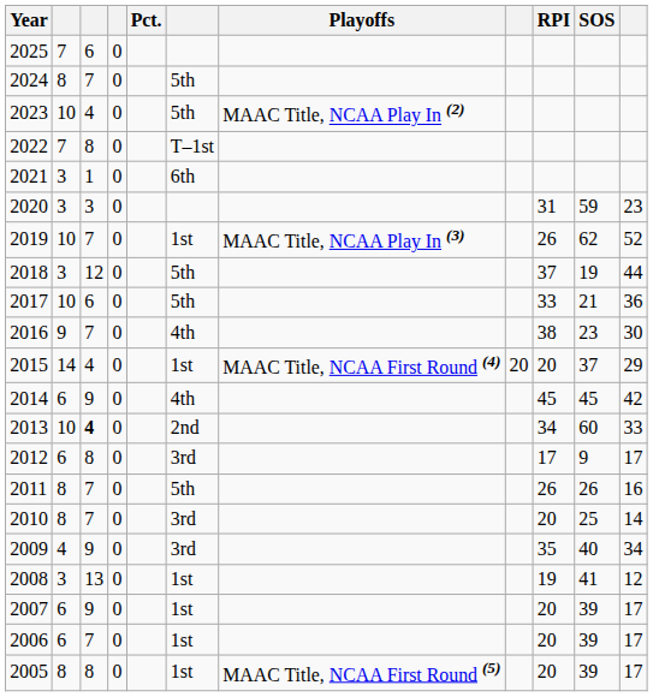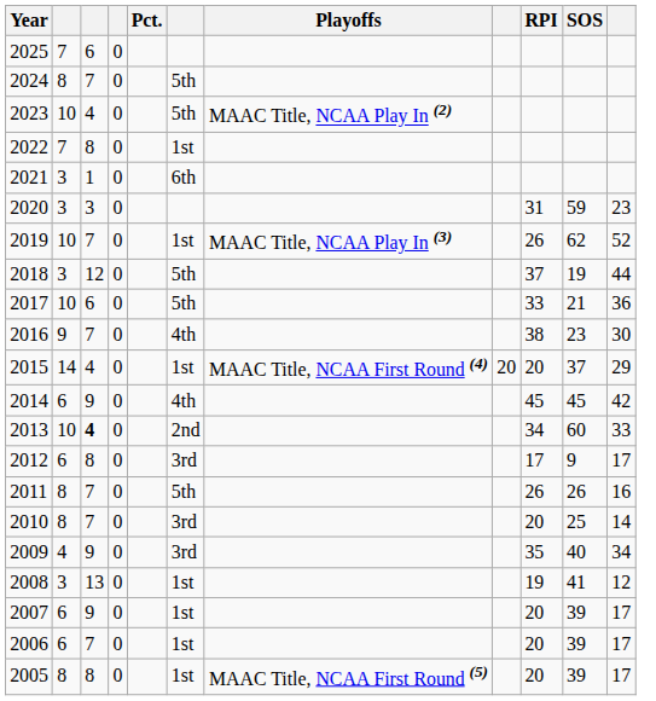 <table class="wikitable sortable">
 <tr>
 <th>Year</th>
 <th></th>
 <th></th>
 <th></th>
 <th>Pct.</th>
 <th></th>
 <th>Playoffs</th>
 <th></th>
 <th>RPI</th>
 <th>SOS</th>
 <th></th>
 </tr>
 <tr>
 <td>2025</td>
 <td>7</td>
 <td>6</td>
 <td>0</td>
 <td></td>
 <td></td>
 <td></td>
 <td></td>
 <td></td>
 <td></td>
 <td></td>
 </tr>
 <tr>
 <td>2024</td>
 <td>8</td>
 <td>7</td>
 <td>0</td>
 <td></td>
 <td>5th</td>
 <td></td>
 <td></td>
 <td></td>
 <td></td>
 <td></td>
 </tr>
 <tr>
 <td>2023</td>
 <td>10</td>
 <td>4</td>
 <td>0</td>
 <td></td>
 <td>5th</td>
 <td>MAAC Title, <a href='#'>NCAA Play In</a> <sup><strong><em>(2)</em></strong></sup></td>
 <td></td>
 <td></td>
 <td></td>
 <td></td>
 </tr>
 <tr>
 <td>2022</td>
 <td>7</td>
 <td>8</td>
 <td>0</td>
 <td></td>
-<td>T–1st</td>
+<td>1st</td>
 <td></td>
 <td></td>
 <td></td>
 <td></td>
 <td></td>
 </tr>
 <tr>
 <td>2021</td>
 <td>3</td>
 <td>1</td>
 <td>0</td>
 <td></td>
 <td>6th</td>
 <td></td>
 <td></td>
 <td></td>
 <td></td>
 <td></td>
 </tr>
 <tr>
 <td>2020</td>
 <td>3</td>
 <td>3</td>
 <td>0</td>
 <td></td>
 <td></td>
 <td></td>
 <td></td>
 <td>31</td>
 <td>59</td>
 <td>23</td>
 </tr>
 <tr>
 <td>2019</td>
 <td>10</td>
 <td>7</td>
 <td>0</td>
 <td></td>
 <td>1st</td>
 <td>MAAC Title, <a href='#'>NCAA Play In</a> <sup><strong><em>(3)</em></strong></sup></td>
 <td></td>
 <td>26</td>
 <td>62</td>
 <td>52</td>
 </tr>
 <tr>
 <td>2018</td>
 <td>3</td>
 <td>12</td>
 <td>0</td>
 <td></td>
 <td>5th</td>
 <td></td>
 <td></td>
 <td>37</td>
 <td>19</td>
 <td>44</td>
 </tr>
 <tr>
 <td>2017</td>
 <td>10</td>
 <td>6</td>
 <td>0</td>
 <td></td>
 <td>5th</td>
 <td></td>
 <td></td>
 <td>33</td>
 <td>21</td>
 <td>36</td>
 </tr>
 <tr>
 <td>2016</td>
 <td>9</td>
 <td>7</td>
 <td>0</td>
 <td></td>
 <td>4th</td>
 <td></td>
 <td></td>
 <td>38</td>
 <td>23</td>
 <td>30</td>
 </tr>
 <tr>
 <td>2015</td>
 <td>14</td>
 <td>4</td>
 <td>0</td>
 <td></td>
 <td>1st</td>
 <td>MAAC Title, <a href='#'>NCAA First Round</a> <sup><strong><em>(4)</em></strong></sup></td>
 <td>20</td>
 <td>20</td>
 <td>37</td>
 <td>29</td>
 </tr>
 <tr>
 <td>2014</td>
 <td>6</td>
 <td>9</td>
 <td>0</td>
 <td></td>
 <td>4th</td>
 <td></td>
 <td></td>
 <td>45</td>
 <td>45</td>
 <td>42</td>
 </tr>
 <tr>
 <td>2013</td>
 <td>10</td>
 <td><strong>4</strong></td>
 <td>0</td>
 <td></td>
 <td>2nd</td>
 <td></td>
 <td></td>
 <td>34</td>
 <td>60</td>
 <td>33</td>
 </tr>
 <tr>
 <td>2012</td>
 <td>6</td>
 <td>8</td>
 <td>0</td>
 <td></td>
 <td>3rd</td>
 <td></td>
 <td></td>
 <td>17</td>
 <td>9</td>
 <td>17</td>
 </tr>
 <tr>
 <td>2011</td>
 <td>8</td>
 <td>7</td>
 <td>0</td>
 <td></td>
 <td>5th</td>
 <td></td>
 <td></td>
 <td>26</td>
 <td>26</td>
 <td>16</td>
 </tr>
 <tr>
 <td>2010</td>
 <td>8</td>
 <td>7</td>
 <td>0</td>
 <td></td>
 <td>3rd</td>
 <td></td>
 <td></td>
 <td>20</td>
 <td>25</td>
 <td>14</td>
 </tr>
 <tr>
 <td>2009</td>
 <td>4</td>
 <td>9</td>
 <td>0</td>
 <td></td>
 <td>3rd</td>
 <td></td>
 <td></td>
 <td>35</td>
 <td>40</td>
 <td>34</td>
 </tr>
 <tr>
 <td>2008</td>
 <td>3</td>
 <td>13</td>
 <td>0</td>
 <td></td>
 <td>1st</td>
 <td></td>
 <td></td>
 <td>19</td>
 <td>41</td>
 <td>12</td>
 </tr>
 <tr>
 <td>2007</td>
 <td>6</td>
 <td>9</td>
 <td>0</td>
 <td></td>
 <td>1st</td>
 <td></td>
 <td></td>
 <td>20</td>
 <td>39</td>
 <td>17</td>
 </tr>
 <tr>
 <td>2006</td>
 <td>6</td>
 <td>7</td>
 <td>0</td>
 <td></td>
 <td>1st</td>
 <td></td>
 <td></td>
 <td>20</td>
 <td>39</td>
 <td>17</td>
 </tr>
 <tr>
 <td>2005</td>
 <td>8</td>
 <td>8</td>
 <td>0</td>
 <td></td>
 <td>1st</td>
 <td>MAAC Title, <a href='#'>NCAA First Round</a> <sup><strong><em>(5)</em></strong> </sup></td>
 <td></td>
 <td>20</td>
 <td>39</td>
 <td>17</td>
 </tr>
 </table>
